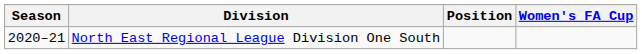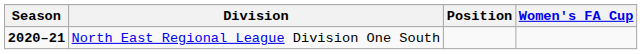 <table class="wikitable collapsible" style="text-align:center;">
 <tr>
 </tr>
 <tr>
 <th>Season</th>
 <th>Division</th>
 <th>Position</th>
 <th><a href='#'>Women's FA Cup</a></th>
 </tr>
 <tr>
-<td>2020–21</td>
+<td><strong>2020–21</strong></td>
 <td><a href='#'>North East Regional League</a> Division One South</td>
 <td></td>
 <td></td>
 </tr>
 </table>
